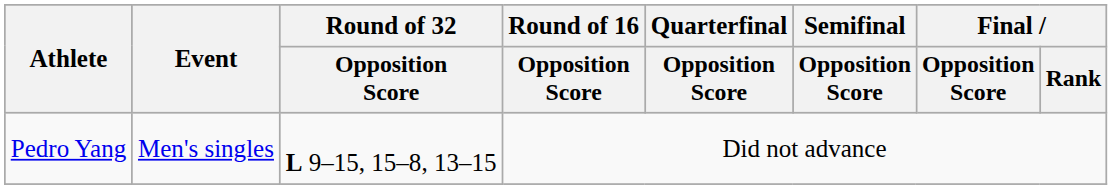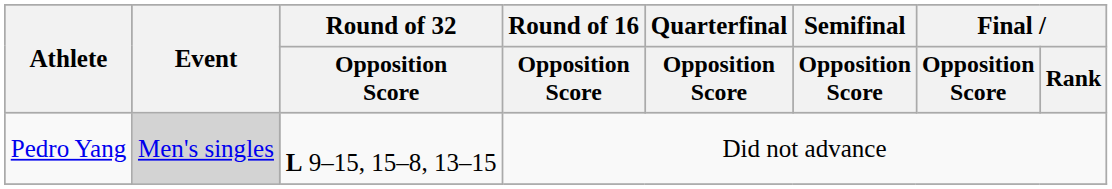 <table class=wikitable style="font-size:90%">
 <tr>
 <th rowspan="2">Athlete</th>
 <th rowspan="2">Event</th>
 <th>Round of 32</th>
 <th>Round of 16</th>
 <th>Quarterfinal</th>
 <th>Semifinal</th>
 <th colspan=2>Final / </th>
 </tr>
 <tr style="font-size:95%">
 <th>Opposition<br>Score</th>
 <th>Opposition<br>Score</th>
 <th>Opposition<br>Score</th>
 <th>Opposition<br>Score</th>
 <th>Opposition<br>Score</th>
 <th>Rank</th>
 </tr>
 <tr align=center>
 <td align=left><a href='#'>Pedro Yang</a></td>
-<td align=left><a href='#'>Men's singles</a></td>
+<td align=left style="background: lightgrey;"><a href='#'>Men's singles</a></td>
 <td><br><strong>L</strong> 9–15, 15–8, 13–15</td>
 <td colspan=5>Did not advance</td>
 </tr>
 </table>
